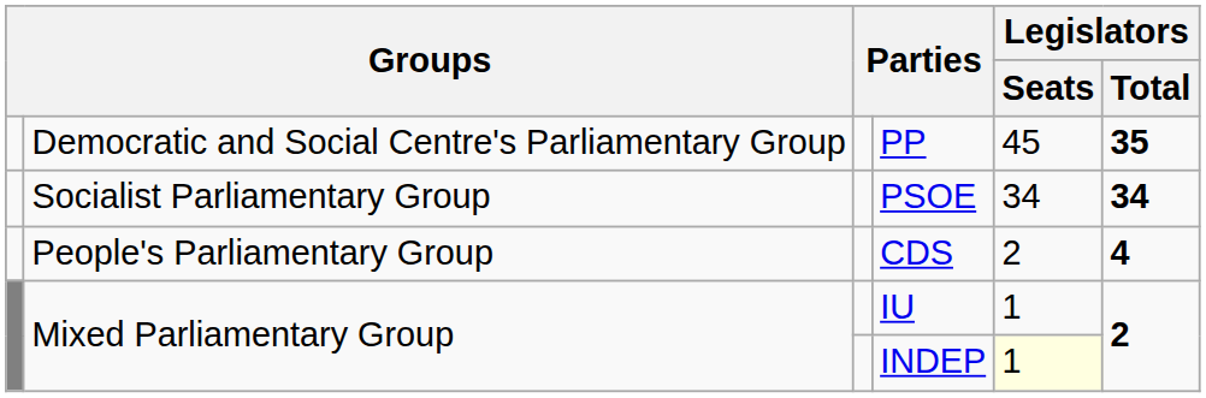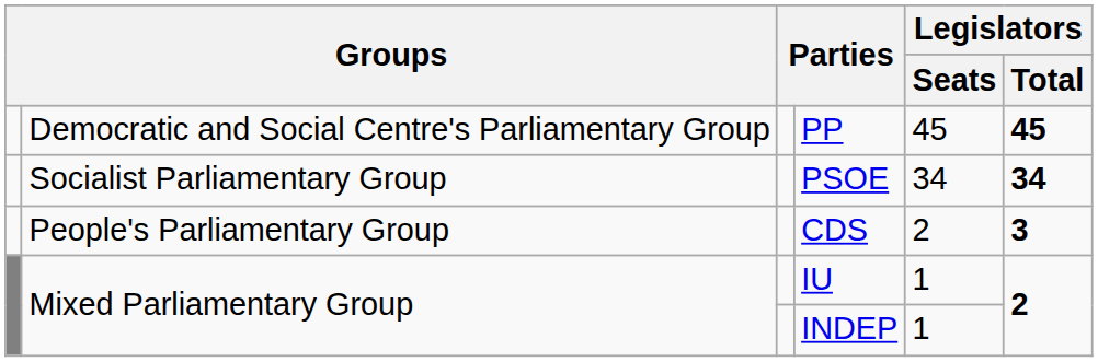 <table class="wikitable" style="text-align:left;">
 <tr>
 <th rowspan="2" colspan="2">Groups</th>
 <th rowspan="2" colspan="2">Parties</th>
 <th colspan="2">Legislators</th>
 </tr>
 <tr>
 <th>Seats</th>
 <th>Total</th>
 </tr>
 <tr>
 <td width="1" style="color:inherit;background:"></td>
 <td>Democratic and Social Centre's Parliamentary Group</td>
 <td width="1" style="color:inherit;background:"></td>
 <td><a href='#'>PP</a></td>
 <td>45</td>
-<td><strong>35</strong></td>
+<td><strong>45</strong></td>
 </tr>
 <tr>
 <td style="color:inherit;background:"></td>
 <td>Socialist Parliamentary Group</td>
 <td style="color:inherit;background:"></td>
 <td><a href='#'>PSOE</a></td>
 <td>34</td>
 <td><strong>34</strong></td>
 </tr>
 <tr>
 <td style="color:inherit;background:"></td>
 <td>People's Parliamentary Group</td>
 <td style="color:inherit;background:"></td>
 <td><a href='#'>CDS</a></td>
 <td>2</td>
-<td><strong>4</strong></td>
+<td><strong>3</strong></td>
 </tr>
 <tr>
 <td rowspan="2" bgcolor="gray"></td>
 <td rowspan="2">Mixed Parliamentary Group</td>
 <td style="color:inherit;background:"></td>
 <td align="left"><a href='#'>IU</a></td>
 <td>1</td>
 <td rowspan="2"><strong>2</strong></td>
 </tr>
 <tr>
 <td style="color:inherit;background:"></td>
 <td align="left"><a href='#'>INDEP</a></td>
-<td style="background: lightyellow;">1</td>
+<td>1</td>
 </tr>
 </table>
